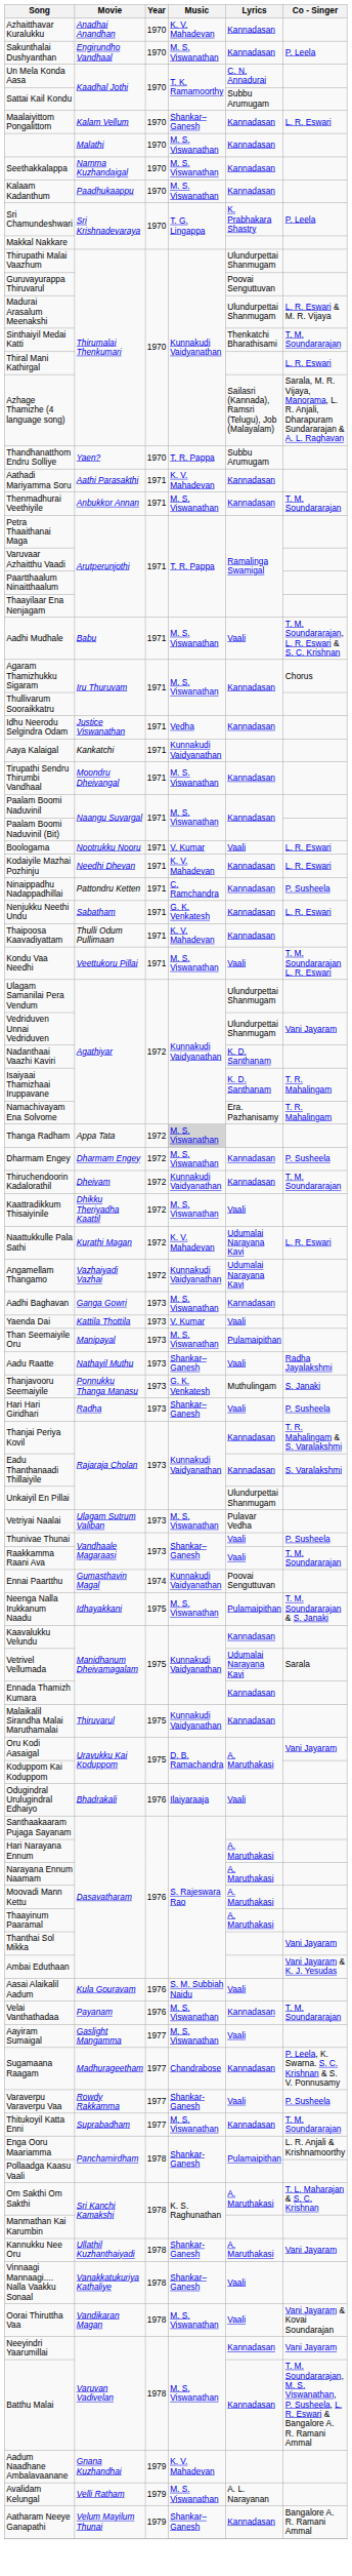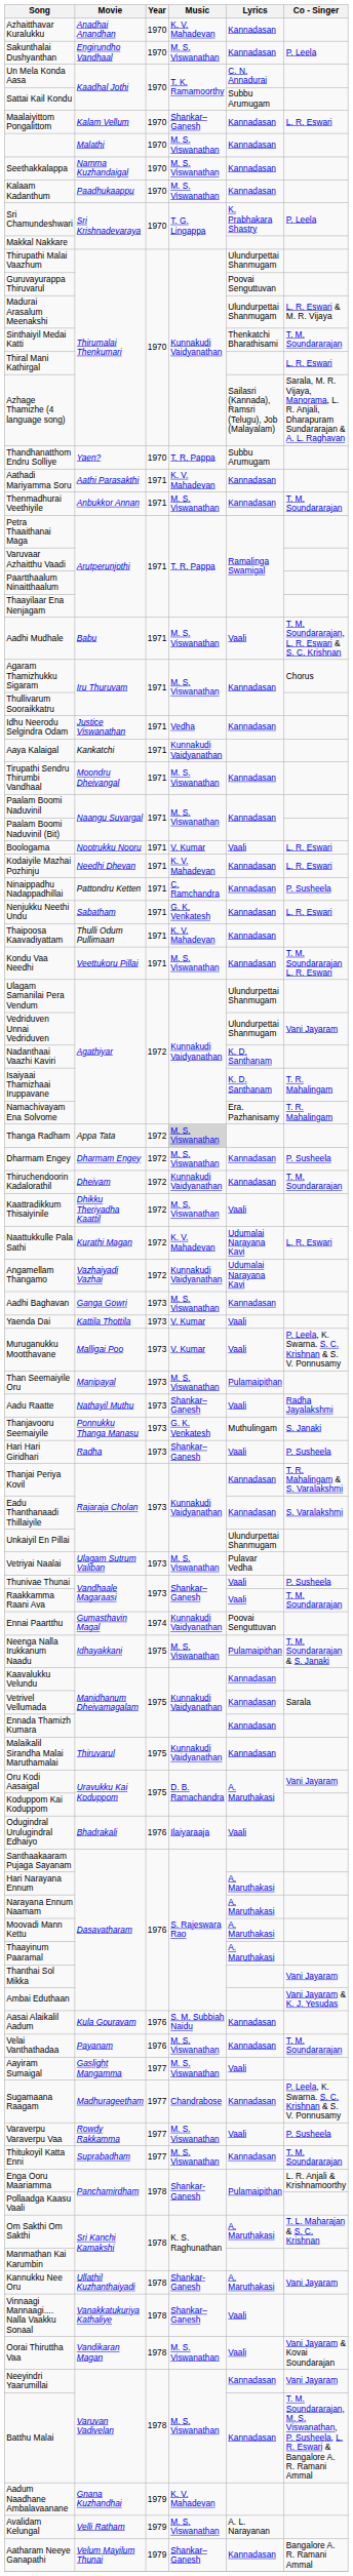 <table class="wikitable">
 <tr>
 <th>Song</th>
 <th>Movie</th>
 <th>Year</th>
 <th>Music</th>
 <th>Lyrics</th>
 <th>Co - Singer</th>
 </tr>
 <tr>
 <td>Azhaitthavar Kuralukku</td>
 <td><em><a href='#'>Anadhai Anandhan</a></em></td>
 <td>1970</td>
 <td><a href='#'>K. V. Mahadevan</a></td>
 <td><a href='#'>Kannadasan</a></td>
 <td></td>
 </tr>
 <tr>
 <td>Sakunthalai Dushyanthan</td>
 <td><em><a href='#'>Engirundho Vandhaal</a></em></td>
 <td>1970</td>
 <td><a href='#'>M. S. Viswanathan</a></td>
 <td><a href='#'>Kannadasan</a></td>
 <td><a href='#'>P. Leela</a></td>
 </tr>
 <tr>
 <td>Un Mela Konda Aasa</td>
 <td rowspan=2><em><a href='#'>Kaadhal Jothi</a></em></td>
 <td rowspan=2>1970</td>
 <td rowspan=2><a href='#'>T. K. Ramamoorthy</a></td>
 <td><a href='#'>C. N. Annadurai</a></td>
 <td></td>
 </tr>
 <tr>
 <td>Sattai Kail Kondu</td>
 <td>Subbu Arumugam</td>
 <td></td>
 </tr>
 <tr>
 <td>Maalaiyittom Pongalittom</td>
 <td><em><a href='#'>Kalam Vellum</a></em></td>
 <td>1970</td>
 <td><a href='#'>Shankar–Ganesh</a></td>
 <td><a href='#'>Kannadasan</a></td>
 <td><a href='#'>L. R. Eswari</a></td>
 </tr>
 <tr>
 <td></td>
 <td><em><a href='#'>Malathi</a></em></td>
 <td>1970</td>
 <td><a href='#'>M. S. Viswanathan</a></td>
 <td><a href='#'>Kannadasan</a></td>
 <td></td>
 </tr>
 <tr>
 <td>Seethakkalappa</td>
 <td><em><a href='#'>Namma Kuzhandaigal</a></em></td>
 <td>1970</td>
 <td><a href='#'>M. S. Viswanathan</a></td>
 <td><a href='#'>Kannadasan</a></td>
 <td></td>
 </tr>
 <tr>
 <td>Kalaam Kadanthum</td>
 <td><em><a href='#'>Paadhukaappu</a></em></td>
 <td>1970</td>
 <td><a href='#'>M. S. Viswanathan</a></td>
 <td><a href='#'>Kannadasan</a></td>
 <td></td>
 </tr>
 <tr>
 <td>Sri Chamundeshwari</td>
 <td rowspan=2><em><a href='#'>Sri Krishnadevaraya</a></em></td>
 <td rowspan=2>1970</td>
 <td rowspan=2><a href='#'>T. G. Lingappa</a></td>
 <td><a href='#'>K. Prabhakara Shastry</a></td>
 <td><a href='#'>P. Leela</a></td>
 </tr>
 <tr>
 <td>Makkal Nakkare</td>
 <td></td>
 <td></td>
 </tr>
 <tr>
 <td>Thirupathi Malai Vaazhum</td>
 <td rowspan=6><em><a href='#'>Thirumalai Thenkumari</a></em></td>
 <td rowspan=6>1970</td>
 <td rowspan=6><a href='#'>Kunnakudi Vaidyanathan</a></td>
 <td>Ulundurpettai Shanmugam</td>
 <td></td>
 </tr>
 <tr>
 <td>Guruvayurappa Thiruvarul</td>
 <td>Poovai Senguttuvan</td>
 <td></td>
 </tr>
 <tr>
 <td>Madurai Arasalum Meenakshi</td>
 <td>Ulundurpettai Shanmugam</td>
 <td><a href='#'>L. R. Eswari</a> & M. R. Vijaya</td>
 </tr>
 <tr>
 <td>Sinthaiyil Medai Katti</td>
 <td>Thenkatchi Bharathisami</td>
 <td><a href='#'>T. M. Soundararajan</a></td>
 </tr>
 <tr>
 <td>Thiral Mani Kathirgal</td>
 <td></td>
 <td><a href='#'>L. R. Eswari</a></td>
 </tr>
 <tr>
 <td>Azhage Thamizhe (4 language song)</td>
 <td>Sailasri (Kannada), Ramsri (Telugu), Job (Malayalam)</td>
 <td>Sarala, M. R. Vijaya, <a href='#'>Manorama</a>, L. R. Anjali, Dharapuram Sundararajan & <a href='#'>A. L. Raghavan</a></td>
 </tr>
 <tr>
 <td>Thandhanatthom Endru Solliye</td>
 <td><em><a href='#'>Yaen?</a></em></td>
 <td>1970</td>
 <td><a href='#'>T. R. Pappa</a></td>
 <td>Subbu Arumugam</td>
 <td></td>
 </tr>
 <tr>
 <td>Aathadi Mariyamma Soru</td>
 <td><em><a href='#'>Aathi Parasakthi</a></em></td>
 <td>1971</td>
 <td><a href='#'>K. V. Mahadevan</a></td>
 <td><a href='#'>Kannadasan</a></td>
 <td></td>
 </tr>
 <tr>
 <td>Thenmadhurai Veethiyile</td>
 <td><em><a href='#'>Anbukkor Annan</a></em></td>
 <td>1971</td>
 <td><a href='#'>M. S. Viswanathan</a></td>
 <td><a href='#'>Kannadasan</a></td>
 <td><a href='#'>T. M. Soundararajan</a></td>
 </tr>
 <tr>
 <td>Petra Thaaithanai Maga</td>
 <td rowspan=4><em><a href='#'>Arutperunjothi</a></em></td>
 <td rowspan=4>1971</td>
 <td rowspan=4><a href='#'>T. R. Pappa</a></td>
 <td rowspan=4><a href='#'>Ramalinga Swamigal</a></td>
 <td></td>
 </tr>
 <tr>
 <td>Varuvaar Azhaitthu Vaadi</td>
 <td></td>
 </tr>
 <tr>
 <td>Paartthaalum Ninaitthaalum</td>
 <td></td>
 </tr>
 <tr>
 <td>Thaayilaar Ena Nenjagam</td>
 <td></td>
 </tr>
 <tr>
 <td>Aadhi Mudhale</td>
 <td><em><a href='#'>Babu</a></em></td>
 <td>1971</td>
 <td><a href='#'>M. S. Viswanathan</a></td>
 <td><a href='#'>Vaali</a></td>
 <td><a href='#'>T. M. Soundararajan</a>, <a href='#'>L. R. Eswari</a> & <a href='#'>S. C. Krishnan</a></td>
 </tr>
 <tr>
 <td>Agaram Thamizhukku Sigaram</td>
 <td rowspan=2><em><a href='#'>Iru Thuruvam</a></em></td>
 <td rowspan=2>1971</td>
 <td rowspan=2><a href='#'>M. S. Viswanathan</a></td>
 <td rowspan=2><a href='#'>Kannadasan</a></td>
 <td>Chorus</td>
 </tr>
 <tr>
 <td>Thullivarum Sooraikkatru</td>
 <td></td>
 </tr>
 <tr>
 <td>Idhu Neerodu Selgindra Odam</td>
 <td><em><a href='#'>Justice Viswanathan</a></em></td>
 <td>1971</td>
 <td><a href='#'>Vedha</a></td>
 <td><a href='#'>Kannadasan</a></td>
 <td></td>
 </tr>
 <tr>
 <td>Aaya Kalaigal</td>
 <td><em>Kankatchi</em></td>
 <td>1971</td>
 <td><a href='#'>Kunnakudi Vaidyanathan</a></td>
 <td></td>
 <td></td>
 </tr>
 <tr>
 <td>Tirupathi Sendru Thirumbi Vandhaal</td>
 <td><em><a href='#'>Moondru Dheivangal</a></em></td>
 <td>1971</td>
 <td><a href='#'>M. S. Viswanathan</a></td>
 <td><a href='#'>Kannadasan</a></td>
 <td></td>
 </tr>
 <tr>
 <td>Paalam Boomi Naduvinil</td>
 <td rowspan=2><em><a href='#'>Naangu Suvargal</a></em></td>
 <td rowspan=2>1971</td>
 <td rowspan=2><a href='#'>M. S. Viswanathan</a></td>
 <td rowspan=2><a href='#'>Kannadasan</a></td>
 <td></td>
 </tr>
 <tr>
 <td>Paalam Boomi Naduvinil (Bit)</td>
 <td></td>
 </tr>
 <tr>
 <td>Boologama</td>
 <td><em><a href='#'>Nootrukku Nooru</a></em></td>
 <td>1971</td>
 <td><a href='#'>V. Kumar</a></td>
 <td><a href='#'>Vaali</a></td>
 <td><a href='#'>L. R. Eswari</a></td>
 </tr>
 <tr>
 <td>Kodaiyile Mazhai Pozhinju</td>
 <td><em><a href='#'>Needhi Dhevan</a></em></td>
 <td>1971</td>
 <td><a href='#'>K. V. Mahadevan</a></td>
 <td><a href='#'>Kannadasan</a></td>
 <td><a href='#'>L. R. Eswari</a></td>
 </tr>
 <tr>
 <td>Ninaippadhu Nadappadhillai</td>
 <td><em>Pattondru Ketten</em></td>
 <td>1971</td>
 <td><a href='#'>C. Ramchandra</a></td>
 <td><a href='#'>Kannadasan</a></td>
 <td><a href='#'>P. Susheela</a></td>
 </tr>
 <tr>
 <td>Nenjukku Neethi Undu</td>
 <td><em><a href='#'>Sabatham</a></em></td>
 <td>1971</td>
 <td><a href='#'>G. K. Venkatesh</a></td>
 <td><a href='#'>Kannadasan</a></td>
 <td><a href='#'>L. R. Eswari</a></td>
 </tr>
 <tr>
 <td>Thaipoosa Kaavadiyattam</td>
 <td><em>Thulli Odum Pullimaan</em></td>
 <td>1971</td>
 <td><a href='#'>K. V. Mahadevan</a></td>
 <td><a href='#'>Kannadasan</a></td>
 <td></td>
 </tr>
 <tr>
 <td>Kondu Vaa Needhi</td>
 <td><em><a href='#'>Veettukoru Pillai</a></em></td>
 <td>1971</td>
 <td><a href='#'>M. S. Viswanathan</a></td>
-<td><a href='#'>Vaali</a></td>
+<td><a href='#'>Kannadasan</a></td>
 <td><a href='#'>T. M. Soundararajan</a> <a href='#'>L. R. Eswari</a></td>
 </tr>
 <tr>
 <td>Ulagam Samanilai Pera Vendum</td>
 <td rowspan=5><em><a href='#'>Agathiyar</a></em></td>
 <td rowspan=5>1972</td>
 <td rowspan=5><a href='#'>Kunnakudi Vaidyanathan</a></td>
 <td>Ulundurpettai Shanmugam</td>
 <td></td>
 </tr>
 <tr>
 <td>Vedriduven Unnai Vedriduven</td>
 <td>Ulundurpettai Shanmugam</td>
 <td><a href='#'>Vani Jayaram</a></td>
 </tr>
 <tr>
 <td>Nadanthaai Vaazhi Kaviri</td>
 <td><a href='#'>K. D. Santhanam</a></td>
 <td></td>
 </tr>
 <tr>
 <td>Isaiyaai Thamizhaai Iruppavane</td>
 <td><a href='#'>K. D. Santhanam</a></td>
 <td><a href='#'>T. R. Mahalingam</a></td>
 </tr>
 <tr>
 <td>Namachivayam Ena Solvome</td>
 <td>Era. Pazhanisamy</td>
 <td><a href='#'>T. R. Mahalingam</a></td>
 </tr>
 <tr>
 <td>Thanga Radham</td>
 <td><em>Appa Tata</em></td>
 <td>1972</td>
 <td style="background: lightgrey;"><a href='#'>M. S. Viswanathan</a></td>
 <td></td>
 <td></td>
 </tr>
 <tr>
 <td>Dharmam Engey</td>
 <td><em><a href='#'>Dharmam Engey</a></em></td>
 <td>1972</td>
 <td><a href='#'>M. S. Viswanathan</a></td>
 <td><a href='#'>Kannadasan</a></td>
 <td><a href='#'>P. Susheela</a></td>
 </tr>
 <tr>
 <td>Thiruchendoorin Kadalorathil</td>
 <td><em><a href='#'>Dheivam</a></em></td>
 <td>1972</td>
 <td><a href='#'>Kunnakudi Vaidyanathan</a></td>
 <td><a href='#'>Kannadasan</a></td>
 <td><a href='#'>T. M. Soundararajan</a></td>
 </tr>
 <tr>
 <td>Kaattradikkum Thisaiyinile</td>
 <td><em><a href='#'>Dhikku Theriyadha Kaattil</a></em></td>
 <td>1972</td>
 <td><a href='#'>M. S. Viswanathan</a></td>
 <td><a href='#'>Vaali</a></td>
 <td></td>
 </tr>
 <tr>
 <td>Naattukkulle Pala Sathi</td>
 <td><em><a href='#'>Kurathi Magan</a></em></td>
 <td>1972</td>
 <td><a href='#'>K. V. Mahadevan</a></td>
 <td><a href='#'>Udumalai Narayana Kavi</a></td>
 <td><a href='#'>L. R. Eswari</a></td>
 </tr>
 <tr>
 <td>Angamellam Thangamo</td>
 <td><em><a href='#'>Vazhaiyadi Vazhai</a></em></td>
 <td>1972</td>
 <td><a href='#'>Kunnakudi Vaidyanathan</a></td>
 <td><a href='#'>Udumalai Narayana Kavi</a></td>
 <td></td>
 </tr>
 <tr>
 <td>Aadhi Baghavan</td>
 <td><em><a href='#'>Ganga Gowri</a></em></td>
 <td>1973</td>
 <td><a href='#'>M. S. Viswanathan</a></td>
 <td><a href='#'>Kannadasan</a></td>
 <td></td>
 </tr>
 <tr>
 <td>Yaenda Dai</td>
 <td><em><a href='#'>Kattila Thottila</a></em></td>
 <td>1973</td>
 <td><a href='#'>V. Kumar</a></td>
 <td><a href='#'>Vaali</a></td>
 <td></td>
+</tr>
+<tr>
+<td>Muruganukku Mootthavane</td>
+<td><em><a href='#'>Malligai Poo</a></em></td>
+<td>1973</td>
+<td><a href='#'>V. Kumar</a></td>
+<td><a href='#'>Vaali</a></td>
+<td><a href='#'>P. Leela</a>, K. Swarna. <a href='#'>S. C. Krishnan</a> & S. V. Ponnusamy</td>
 </tr>
 <tr>
 <td>Than Seemaiyile Oru</td>
 <td><em><a href='#'>Manipayal</a></em></td>
 <td>1973</td>
 <td><a href='#'>M. S. Viswanathan</a></td>
 <td><a href='#'>Pulamaipithan</a></td>
 <td></td>
 </tr>
 <tr>
 <td>Aadu Raatte</td>
 <td><em><a href='#'>Nathayil Muthu</a></em></td>
 <td>1973</td>
 <td><a href='#'>Shankar–Ganesh</a></td>
 <td><a href='#'>Vaali</a></td>
 <td><a href='#'>Radha Jayalakshmi</a></td>
 </tr>
 <tr>
 <td>Thanjavooru Seemaiyile</td>
 <td><em><a href='#'>Ponnukku Thanga Manasu</a></em></td>
 <td>1973</td>
 <td><a href='#'>G. K. Venkatesh</a></td>
 <td>Muthulingam</td>
 <td><a href='#'>S. Janaki</a></td>
 </tr>
 <tr>
 <td>Hari Hari Giridhari</td>
 <td><em><a href='#'>Radha</a></em></td>
 <td>1973</td>
 <td><a href='#'>Shankar–Ganesh</a></td>
 <td><a href='#'>Vaali</a></td>
 <td><a href='#'>P. Susheela</a></td>
 </tr>
 <tr>
 <td>Thanjai Periya Kovil</td>
 <td rowspan=3><em><a href='#'>Rajaraja Cholan</a></em></td>
 <td rowspan=3>1973</td>
 <td rowspan=3><a href='#'>Kunnakudi Vaidyanathan</a></td>
 <td><a href='#'>Kannadasan</a></td>
 <td><a href='#'>T. R. Mahalingam</a> & <a href='#'>S. Varalakshmi</a></td>
 </tr>
 <tr>
 <td>Eadu Thanthanaadi Thillaiyile</td>
 <td><a href='#'>Kannadasan</a></td>
 <td><a href='#'>S. Varalakshmi</a></td>
 </tr>
 <tr>
 <td>Unkaiyil En Pillai</td>
 <td>Ulundurpettai Shanmugam</td>
 <td></td>
 </tr>
 <tr>
 <td>Vetriyai Naalai</td>
 <td><em><a href='#'>Ulagam Sutrum Valiban</a></em></td>
 <td>1973</td>
 <td><a href='#'>M. S. Viswanathan</a></td>
 <td>Pulavar Vedha</td>
 <td></td>
 </tr>
 <tr>
 <td>Thunivae Thunai</td>
 <td rowspan=2><em><a href='#'>Vandhaale Magaraasi</a></em></td>
 <td rowspan=2>1973</td>
 <td rowspan=2><a href='#'>Shankar–Ganesh</a></td>
 <td><a href='#'>Vaali</a></td>
 <td><a href='#'>P. Susheela</a></td>
 </tr>
 <tr>
 <td>Raakkamma Raani Ava</td>
 <td><a href='#'>Vaali</a></td>
 <td><a href='#'>T. M. Soundararajan</a></td>
 </tr>
 <tr>
 <td>Ennai Paartthu</td>
 <td><em><a href='#'>Gumasthavin Magal</a></em></td>
 <td>1974</td>
 <td><a href='#'>Kunnakudi Vaidyanathan</a></td>
 <td>Poovai Senguttuvan</td>
 <td></td>
 </tr>
 <tr>
 <td>Neenga Nalla Irukkanum Naadu</td>
 <td><em><a href='#'>Idhayakkani</a></em></td>
 <td>1975</td>
 <td><a href='#'>M. S. Viswanathan</a></td>
 <td><a href='#'>Pulamaipithan</a></td>
 <td><a href='#'>T. M. Soundararajan</a> & <a href='#'>S. Janaki</a></td>
 </tr>
 <tr>
 <td>Kaavalukku Velundu</td>
 <td rowspan=3><em><a href='#'>Manidhanum Dheivamagalam</a></em></td>
 <td rowspan=3>1975</td>
 <td rowspan=3><a href='#'>Kunnakudi Vaidyanathan</a></td>
 <td><a href='#'>Kannadasan</a></td>
 <td></td>
 </tr>
 <tr>
 <td>Vetrivel Vellumada</td>
-<td><a href='#'>Udumalai Narayana Kavi</a></td>
+<td><a href='#'>Kannadasan</a></td>
 <td>Sarala</td>
 </tr>
 <tr>
 <td>Ennada Thamizh Kumara</td>
 <td><a href='#'>Kannadasan</a></td>
 <td></td>
 </tr>
 <tr>
 <td>Malaikalil Sirandha Malai Maruthamalai</td>
 <td><em><a href='#'>Thiruvarul</a></em></td>
 <td>1975</td>
 <td><a href='#'>Kunnakudi Vaidyanathan</a></td>
 <td><a href='#'>Kannadasan</a></td>
 <td></td>
 </tr>
 <tr>
 <td>Oru Kodi Aasaigal</td>
 <td rowspan=2><em><a href='#'>Uravukku Kai Koduppom</a></em></td>
 <td rowspan=2>1975</td>
 <td rowspan=2><a href='#'>D. B. Ramachandra</a></td>
 <td rowspan=2><a href='#'>A. Maruthakasi</a></td>
 <td><a href='#'>Vani Jayaram</a></td>
 </tr>
 <tr>
 <td>Koduppom Kai Koduppom</td>
 <td></td>
 </tr>
 <tr>
 <td>Odugindral Urulugindral Edhaiyo</td>
 <td><em><a href='#'>Bhadrakali</a></em></td>
 <td>1976</td>
 <td><a href='#'>Ilaiyaraaja</a></td>
 <td><a href='#'>Vaali</a></td>
 <td></td>
 </tr>
 <tr>
 <td>Santhaakaaram Pujaga Sayanam</td>
 <td rowspan=7><em><a href='#'>Dasavatharam</a></em></td>
 <td rowspan=7>1976</td>
 <td rowspan=7><a href='#'>S. Rajeswara Rao</a></td>
 <td></td>
 <td></td>
 </tr>
 <tr>
 <td>Hari Narayana Ennum</td>
 <td><a href='#'>A. Maruthakasi</a></td>
 <td></td>
 </tr>
 <tr>
 <td>Narayana Ennum Naamam</td>
 <td><a href='#'>A. Maruthakasi</a></td>
 <td></td>
 </tr>
 <tr>
 <td>Moovadi Mann Kettu</td>
 <td><a href='#'>A. Maruthakasi</a></td>
 <td></td>
 </tr>
 <tr>
 <td>Thaayinum Paaramal</td>
 <td><a href='#'>A. Maruthakasi</a></td>
 <td></td>
 </tr>
 <tr>
 <td>Thanthai Sol Mikka</td>
 <td></td>
 <td><a href='#'>Vani Jayaram</a></td>
 </tr>
 <tr>
 <td>Ambai Eduthaan</td>
 <td></td>
 <td><a href='#'>Vani Jayaram</a> & <a href='#'>K. J. Yesudas</a></td>
 </tr>
 <tr>
 <td>Aasai Alaikalil Aadum</td>
 <td><em><a href='#'>Kula Gouravam</a></em></td>
 <td>1976</td>
 <td><a href='#'>S. M. Subbiah Naidu</a></td>
-<td><a href='#'>Vaali</a></td>
+<td><a href='#'>Kannadasan</a></td>
 <td></td>
 </tr>
 <tr>
 <td>Velai Vanthathadaa</td>
 <td><em><a href='#'>Payanam</a></em></td>
 <td>1976</td>
 <td><a href='#'>M. S. Viswanathan</a></td>
 <td><a href='#'>Kannadasan</a></td>
 <td><a href='#'>T. M. Soundararajan</a></td>
 </tr>
 <tr>
 <td>Aayiram Sumaigal</td>
 <td><em><a href='#'>Gaslight Mangamma</a></em></td>
 <td>1977</td>
 <td><a href='#'>M. S. Viswanathan</a></td>
 <td><a href='#'>Vaali</a></td>
 <td></td>
 </tr>
 <tr>
 <td>Sugamaana Raagam</td>
 <td><em><a href='#'>Madhurageetham</a></em></td>
 <td>1977</td>
 <td><a href='#'>Chandrabose</a></td>
 <td><a href='#'>Kannadasan</a></td>
 <td><a href='#'>P. Leela</a>, K. Swarna. <a href='#'>S. C. Krishnan</a> & S. V. Ponnusamy</td>
 </tr>
 <tr>
 <td>Varaverpu Varaverpu Vaa</td>
 <td><em><a href='#'>Rowdy Rakkamma</a></em></td>
 <td>1977</td>
-<td><a href='#'>Shankar-Ganesh</a></td>
+<td><a href='#'>M. S. Viswanathan</a></td>
 <td><a href='#'>Vaali</a></td>
 <td><a href='#'>P. Susheela</a></td>
 </tr>
 <tr>
 <td>Thitukoyil Katta Enni</td>
 <td><em><a href='#'>Suprabadham</a></em></td>
 <td>1977</td>
 <td><a href='#'>M. S. Viswanathan</a></td>
 <td><a href='#'>Kannadasan</a></td>
 <td><a href='#'>T. M. Soundararajan</a></td>
 </tr>
 <tr>
 <td>Enga Ooru Maariamma</td>
 <td rowspan=2><em><a href='#'>Panchamirdham</a></em></td>
 <td rowspan=2>1978</td>
 <td rowspan=2><a href='#'>Shankar-Ganesh</a></td>
 <td rowspan=2><a href='#'>Pulamaipithan</a></td>
 <td>L. R. Anjali & Krishnamoorthy</td>
 </tr>
 <tr>
 <td>Pollaadga Kaasu Vaali</td>
 <td></td>
 </tr>
 <tr>
 <td>Om Sakthi Om Sakthi</td>
 <td rowspan=2><em><a href='#'>Sri Kanchi Kamakshi</a></em></td>
 <td rowspan=2>1978</td>
 <td rowspan=2>K. S. Raghunathan</td>
 <td><a href='#'>A. Maruthakasi</a></td>
 <td><a href='#'>T. L. Maharajan</a> & <a href='#'>S. C. Krishnan</a></td>
 </tr>
 <tr>
 <td>Manmathan Kai Karumbin</td>
 <td></td>
 </tr>
 <tr>
 <td>Kannukku Nee Oru</td>
 <td><em><a href='#'>Ullathil Kuzhanthaiyadi</a></em></td>
 <td>1978</td>
 <td><a href='#'>Shankar-Ganesh</a></td>
 <td><a href='#'>A. Maruthakasi</a></td>
 <td><a href='#'>Vani Jayaram</a></td>
 </tr>
 <tr>
 <td>Vinnaagi Mannaagi.... Nalla Vaakku Sonaal</td>
 <td><em><a href='#'>Vanakkatukuriya Kathaliye</a></em></td>
 <td>1978</td>
 <td><a href='#'>Shankar–Ganesh</a></td>
 <td><a href='#'>Vaali</a></td>
 <td></td>
 </tr>
 <tr>
 <td>Oorai Thiruttha Vaa</td>
 <td><em><a href='#'>Vandikaran Magan</a></em></td>
 <td>1978</td>
 <td><a href='#'>M. S. Viswanathan</a></td>
 <td><a href='#'>Vaali</a></td>
 <td><a href='#'>Vani Jayaram</a> & Kovai Soundarajan</td>
 </tr>
 <tr>
 <td>Neeyindri Yaarumillai</td>
 <td rowspan=2><em><a href='#'>Varuvan Vadivelan</a></em></td>
 <td rowspan=2>1978</td>
 <td rowspan=2><a href='#'>M. S. Viswanathan</a></td>
 <td><a href='#'>Kannadasan</a></td>
 <td><a href='#'>Vani Jayaram</a></td>
 </tr>
 <tr>
 <td>Batthu Malai</td>
 <td><a href='#'>Kannadasan</a></td>
 <td><a href='#'>T. M. Soundararajan</a>, <a href='#'>M. S. Viswanathan</a>,<br><a href='#'>P. Susheela</a>, <a href='#'>L. R. Eswari</a> & Bangalore A. R. Ramani Ammal</td>
 </tr>
 <tr>
 <td>Aadum Naadhane Ambalavaanane</td>
 <td><em><a href='#'>Gnana Kuzhandhai</a></em></td>
 <td>1979</td>
 <td><a href='#'>K. V. Mahadevan</a></td>
 <td></td>
 <td></td>
 </tr>
 <tr>
 <td>Avalidam Kelungal</td>
 <td><em><a href='#'>Velli Ratham</a></em></td>
 <td>1979</td>
 <td><a href='#'>M. S. Viswanathan</a></td>
 <td>A. L. Narayanan</td>
 <td></td>
 </tr>
 <tr>
 <td>Aatharam Neeye Ganapathi</td>
 <td><em><a href='#'>Velum Mayilum Thunai</a></em></td>
 <td>1979</td>
 <td><a href='#'>Shankar–Ganesh</a></td>
 <td><a href='#'>Kannadasan</a></td>
 <td>Bangalore A. R. Ramani Ammal</td>
 </tr>
 <tr>
 </tr>
 </table>
